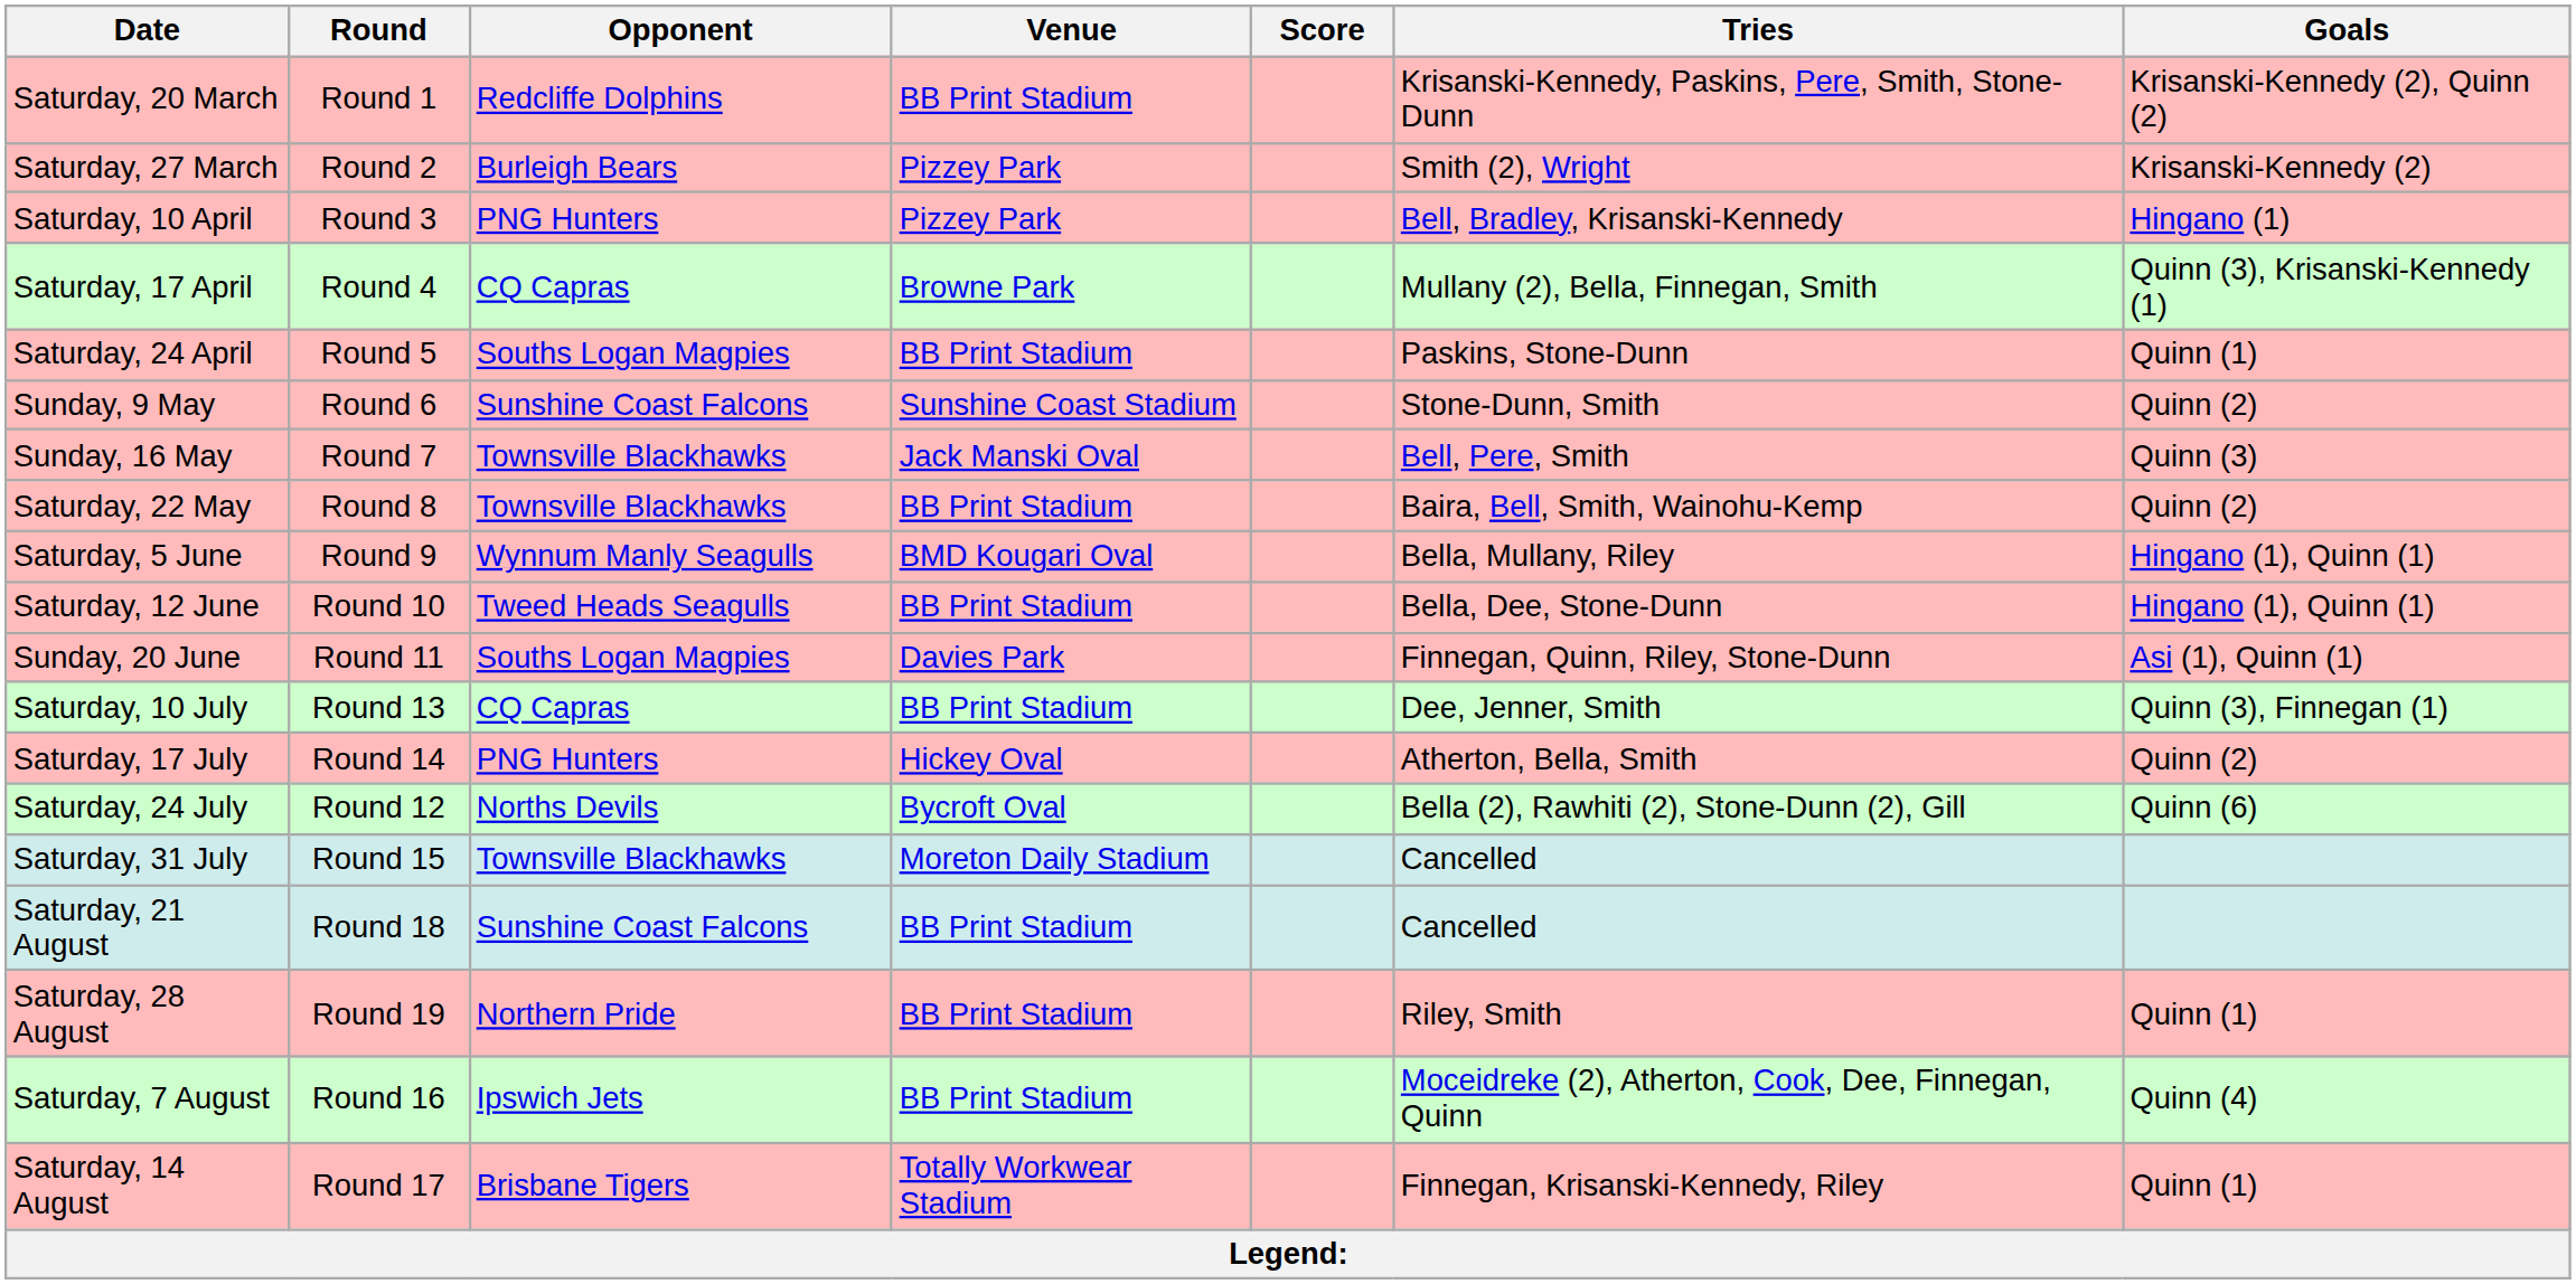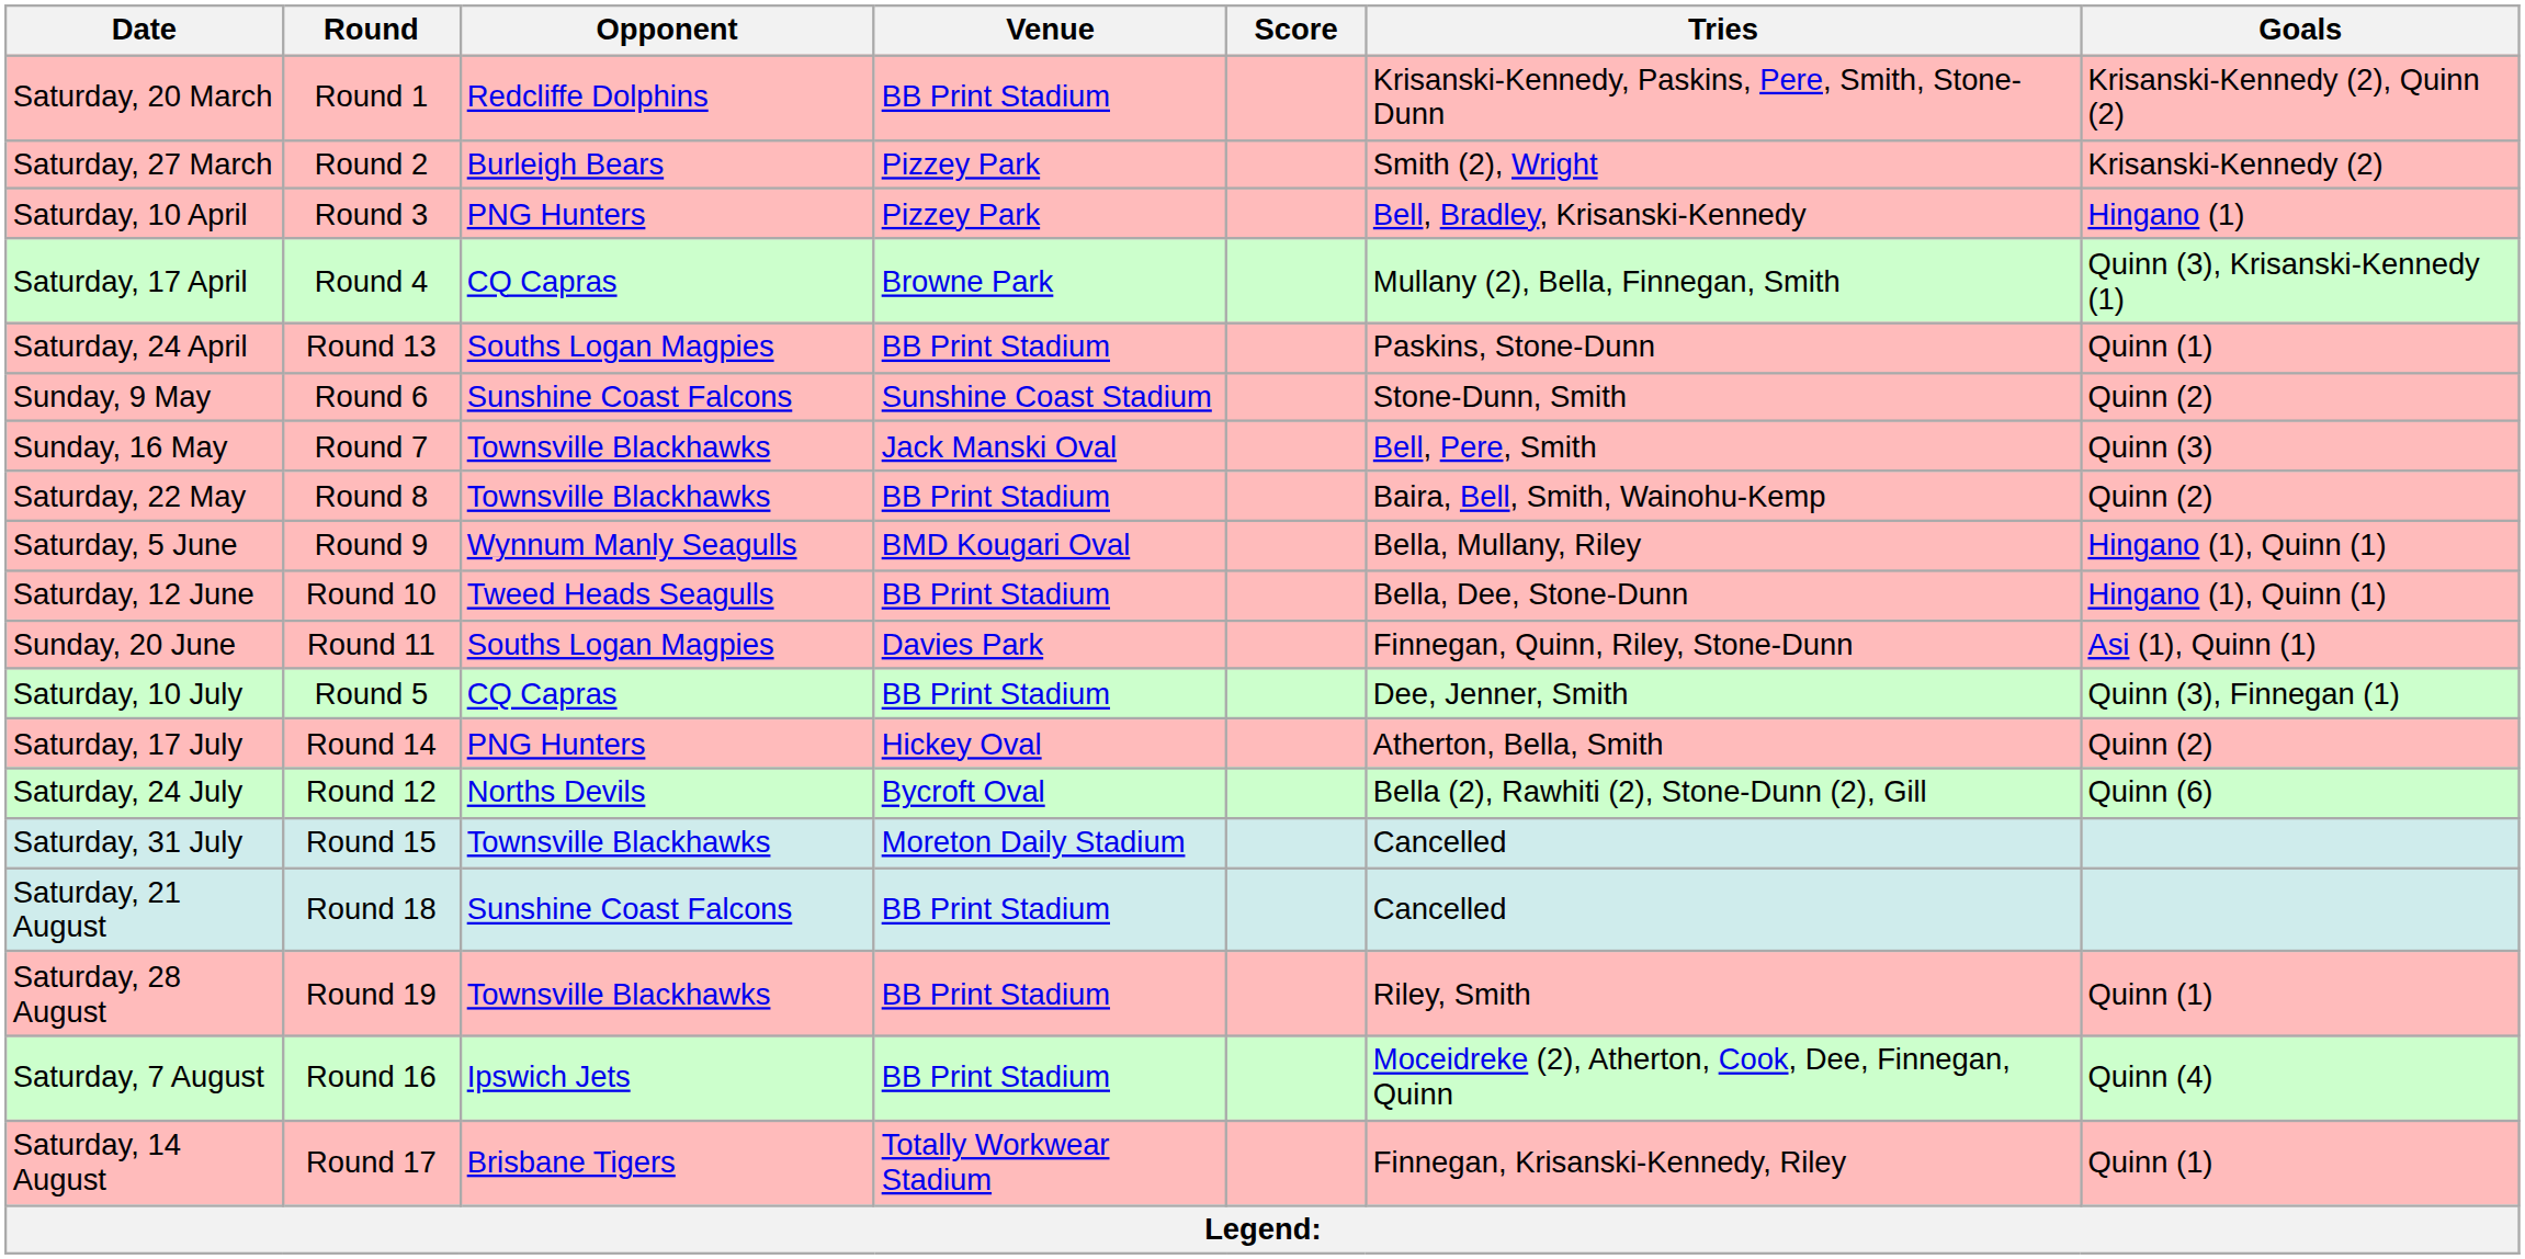 <table class="wikitable" style="font-size:75%;">
 <tr>
 <th style="width:105px;">Date</th>
 <th style="width:65px;">Round</th>
 <th style="width:160px;">Opponent</th>
 <th style="width:135px;">Venue</th>
 <th style="width:50px;">Score</th>
 <th style="width:280px;">Tries</th>
 <th style="width:170px;">Goals</th>
 </tr>
 <tr style="background:#FFBBBB">
 <td>Saturday, 20 March</td>
 <td style="text-align:center;">Round 1</td>
 <td> <a href='#'>Redcliffe Dolphins</a></td>
 <td><a href='#'>BB Print Stadium</a></td>
 <td style="text-align:center;"></td>
 <td>Krisanski-Kennedy, Paskins, <a href='#'>Pere</a>, Smith, Stone-Dunn</td>
 <td>Krisanski-Kennedy (2), Quinn (2)</td>
 </tr>
 <tr style="background:#FFBBBB">
 <td>Saturday, 27 March</td>
 <td style="text-align:center;">Round 2</td>
 <td> <a href='#'>Burleigh Bears</a></td>
 <td><a href='#'>Pizzey Park</a></td>
 <td style="text-align:center;"></td>
 <td>Smith (2), <a href='#'>Wright</a></td>
 <td>Krisanski-Kennedy (2)</td>
 </tr>
 <tr style="background:#FFBBBB">
 <td>Saturday, 10 April</td>
 <td style="text-align:center;">Round 3</td>
 <td> <a href='#'>PNG Hunters</a></td>
 <td><a href='#'>Pizzey Park</a></td>
 <td style="text-align:center;"></td>
 <td><a href='#'>Bell</a>, <a href='#'>Bradley</a>, Krisanski-Kennedy</td>
 <td><a href='#'>Hingano</a> (1)</td>
 </tr>
 <tr style="background:#CCFFCC">
 <td>Saturday, 17 April</td>
 <td style="text-align:center;">Round 4</td>
 <td> <a href='#'>CQ Capras</a></td>
 <td><a href='#'>Browne Park</a></td>
 <td style="text-align:center;"></td>
 <td>Mullany (2), Bella, Finnegan, Smith</td>
 <td>Quinn (3), Krisanski-Kennedy (1)</td>
 </tr>
 <tr style="background:#FFBBBB">
 <td>Saturday, 24 April</td>
-<td style="text-align:center;">Round 5</td>
+<td style="text-align:center;">Round 13</td>
 <td> <a href='#'>Souths Logan Magpies</a></td>
 <td><a href='#'>BB Print Stadium</a></td>
 <td style="text-align:center;"></td>
 <td>Paskins, Stone-Dunn</td>
 <td>Quinn (1)</td>
 </tr>
 <tr style="background:#FFBBBB">
 <td>Sunday, 9 May</td>
 <td style="text-align:center;">Round 6</td>
 <td> <a href='#'>Sunshine Coast Falcons</a></td>
 <td><a href='#'>Sunshine Coast Stadium</a></td>
 <td style="text-align:center;"></td>
 <td>Stone-Dunn, Smith</td>
 <td>Quinn (2)</td>
 </tr>
 <tr style="background:#FFBBBB">
 <td>Sunday, 16 May</td>
 <td style="text-align:center;">Round 7</td>
 <td> <a href='#'>Townsville Blackhawks</a></td>
 <td><a href='#'>Jack Manski Oval</a></td>
 <td style="text-align:center;"></td>
 <td><a href='#'>Bell</a>, <a href='#'>Pere</a>, Smith</td>
 <td>Quinn (3)</td>
 </tr>
 <tr style="background:#FFBBBB">
 <td>Saturday, 22 May</td>
 <td style="text-align:center;">Round 8</td>
 <td> <a href='#'>Townsville Blackhawks</a></td>
 <td><a href='#'>BB Print Stadium</a></td>
 <td style="text-align:center;"></td>
 <td>Baira, <a href='#'>Bell</a>, Smith, Wainohu-Kemp</td>
 <td>Quinn (2)</td>
 </tr>
 <tr style="background:#FFBBBB">
 <td>Saturday, 5 June</td>
 <td style="text-align:center;">Round 9</td>
 <td> <a href='#'>Wynnum Manly Seagulls</a></td>
 <td><a href='#'>BMD Kougari Oval</a></td>
 <td style="text-align:center;"></td>
 <td>Bella, Mullany, Riley</td>
 <td><a href='#'>Hingano</a> (1), Quinn (1)</td>
 </tr>
 <tr style="background:#FFBBBB">
 <td>Saturday, 12 June</td>
 <td style="text-align:center;">Round 10</td>
 <td> <a href='#'>Tweed Heads Seagulls</a></td>
 <td><a href='#'>BB Print Stadium</a></td>
 <td style="text-align:center;"></td>
 <td>Bella, Dee, Stone-Dunn</td>
 <td><a href='#'>Hingano</a> (1), Quinn (1)</td>
 </tr>
 <tr style="background:#FFBBBB">
 <td>Sunday, 20 June</td>
 <td style="text-align:center;">Round 11</td>
 <td> <a href='#'>Souths Logan Magpies</a></td>
 <td><a href='#'>Davies Park</a></td>
 <td style="text-align:center;"></td>
 <td>Finnegan, Quinn, Riley, Stone-Dunn</td>
 <td><a href='#'>Asi</a> (1), Quinn (1)</td>
 </tr>
 <tr style="background:#CCFFCC">
 <td>Saturday, 10 July</td>
-<td style="text-align:center;">Round 13</td>
+<td style="text-align:center;">Round 5</td>
 <td> <a href='#'>CQ Capras</a></td>
 <td><a href='#'>BB Print Stadium</a></td>
 <td style="text-align:center;"></td>
 <td>Dee, Jenner, Smith</td>
 <td>Quinn (3), Finnegan (1)</td>
 </tr>
 <tr style="background:#FFBBBB">
 <td>Saturday, 17 July</td>
 <td style="text-align:center;">Round 14</td>
 <td> <a href='#'>PNG Hunters</a></td>
 <td><a href='#'>Hickey Oval</a></td>
 <td style="text-align:center;"></td>
 <td>Atherton, Bella, Smith</td>
 <td>Quinn (2)</td>
 </tr>
 <tr style="background:#CCFFCC">
 <td>Saturday, 24 July</td>
 <td style="text-align:center;">Round 12</td>
 <td> <a href='#'>Norths Devils</a></td>
 <td><a href='#'>Bycroft Oval</a></td>
 <td style="text-align:center;"></td>
 <td>Bella (2), Rawhiti (2), Stone-Dunn (2), Gill</td>
 <td>Quinn (6)</td>
 </tr>
 <tr style="background:#cfecec">
 <td>Saturday, 31 July</td>
 <td style="text-align:center;">Round 15</td>
 <td> <a href='#'>Townsville Blackhawks</a></td>
 <td><a href='#'>Moreton Daily Stadium</a></td>
 <td style="text-align:center;"></td>
 <td>Cancelled</td>
 <td></td>
 </tr>
 <tr style="background:#cfecec">
 <td>Saturday, 21 August</td>
 <td style="text-align:center;">Round 18</td>
 <td> <a href='#'>Sunshine Coast Falcons</a></td>
 <td><a href='#'>BB Print Stadium</a></td>
 <td style="text-align:center;"></td>
 <td>Cancelled</td>
 <td></td>
 </tr>
 <tr style="background:#FFBBBB">
 <td>Saturday, 28 August</td>
 <td style="text-align:center;">Round 19</td>
-<td> <a href='#'>Northern Pride</a></td>
+<td> <a href='#'>Townsville Blackhawks</a></td>
 <td><a href='#'>BB Print Stadium</a></td>
 <td style="text-align:center;"></td>
 <td>Riley, Smith</td>
 <td>Quinn (1)</td>
 </tr>
 <tr style="background:#CCFFCC">
 <td>Saturday, 7 August</td>
 <td style="text-align:center;">Round 16</td>
 <td> <a href='#'>Ipswich Jets</a></td>
 <td><a href='#'>BB Print Stadium</a></td>
 <td style="text-align:center;"></td>
 <td><a href='#'>Moceidreke</a> (2), Atherton, <a href='#'>Cook</a>, Dee, Finnegan, Quinn</td>
 <td>Quinn (4)</td>
 </tr>
 <tr style="background:#FFBBBB">
 <td>Saturday, 14 August</td>
 <td style="text-align:center;">Round 17</td>
 <td> <a href='#'>Brisbane Tigers</a></td>
 <td><a href='#'>Totally Workwear Stadium</a></td>
 <td style="text-align:center;"></td>
 <td>Finnegan, Krisanski-Kennedy, Riley</td>
 <td>Quinn (1)</td>
 </tr>
 <tr>
 <th colspan="11"><strong>Legend</strong>:    </th>
 </tr>
 </table>
